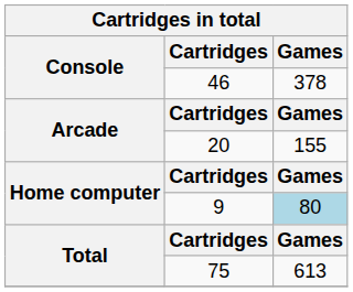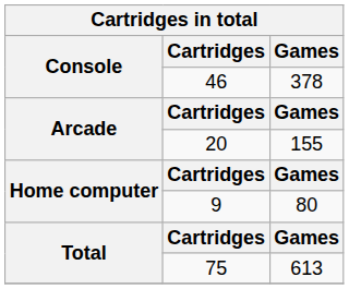 <table class="wikitable" style="text-align:center">
 <tr>
 <th colspan=3>Cartridges in total</th>
 </tr>
 <tr>
 <th rowspan=2>Console</th>
 <th>Cartridges</th>
 <th>Games</th>
 </tr>
 <tr>
 <td>46</td>
 <td>378</td>
 </tr>
 <tr>
 <th rowspan=2>Arcade</th>
 <th>Cartridges</th>
 <th>Games</th>
 </tr>
 <tr>
 <td>20</td>
 <td>155</td>
 </tr>
 <tr>
 <th rowspan=2>Home computer</th>
 <th>Cartridges</th>
 <th>Games</th>
 </tr>
 <tr>
 <td>9</td>
-<td style="background: lightblue;">80</td>
+<td>80</td>
 </tr>
 <tr>
 <th rowspan=2>Total</th>
 <th>Cartridges</th>
 <th>Games</th>
 </tr>
 <tr>
 <td>75</td>
 <td>613</td>
 </tr>
 <tr>
 </tr>
 </table>
